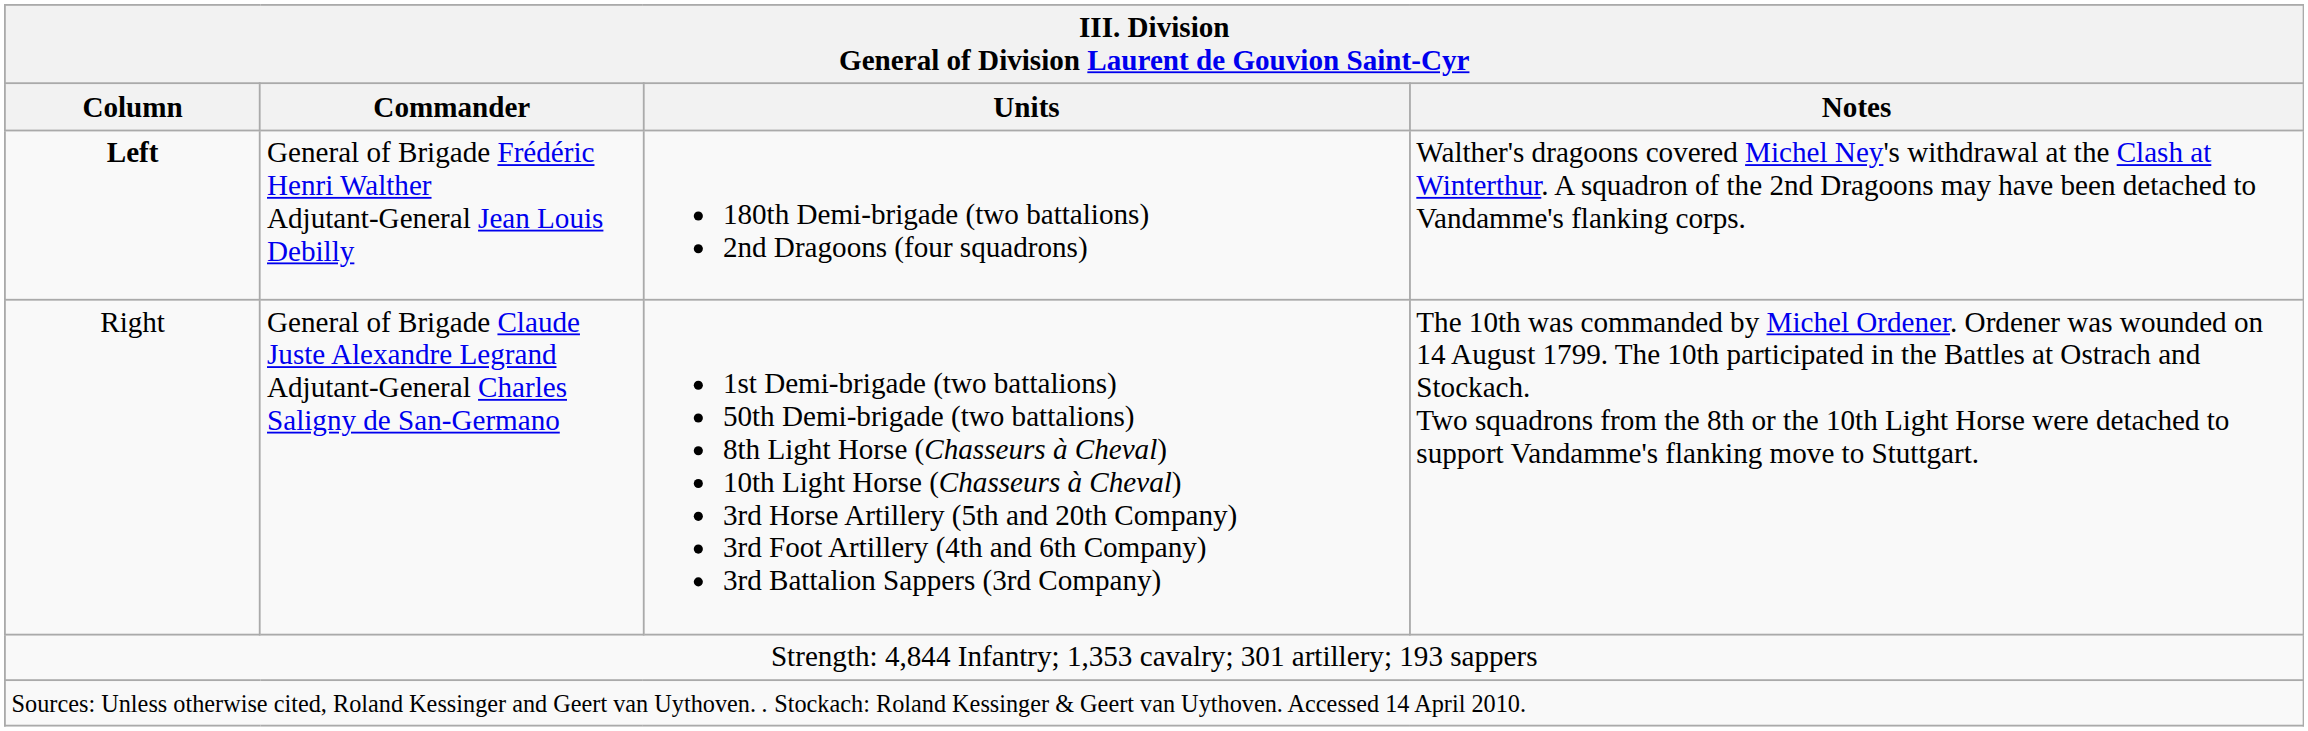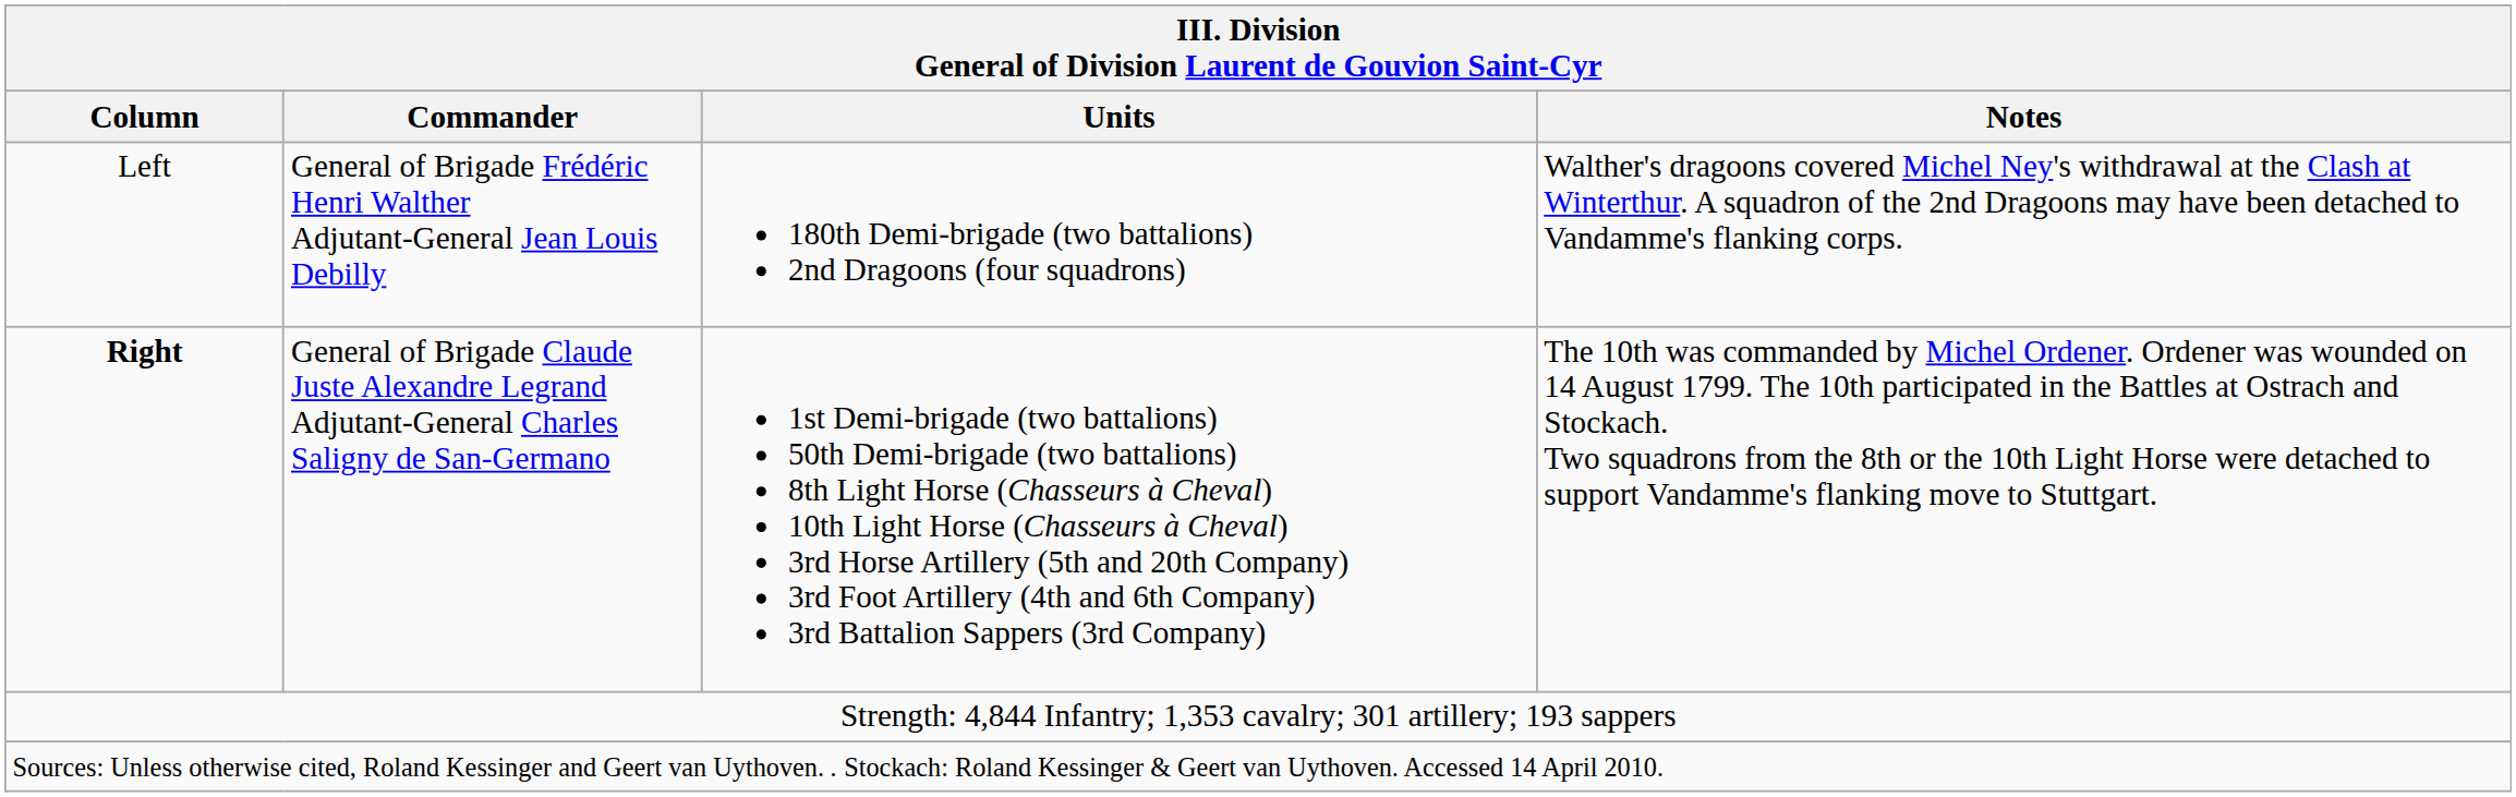 <table class="wikitable" width=100%>
 <tr valign="top">
 <th colspan="11" bgcolor="white">III. Division<br>General of Division <a href='#'>Laurent de Gouvion Saint-Cyr</a></th>
 </tr>
 <tr valign="top"|- valign="top">
 <th width=10%; align= center>Column</th>
 <th width=15%; align= center>Commander</th>
 <th width=30%; align= center>Units</th>
 <th width=35%; align= center>Notes</th>
 </tr>
 <tr valign="top">
-<td align= center><strong>Left</strong></td>
+<td align= center>Left</td>
 <td align= left>General of Brigade <a href='#'>Frédéric Henri Walther</a><br> Adjutant-General <a href='#'>Jean Louis Debilly</a></td>
 <td align= left><br><ul><li>180th Demi-brigade (two battalions)</li><li>2nd Dragoons (four squadrons)</li></ul></td>
 <td align= left>Walther's dragoons covered <a href='#'>Michel Ney</a>'s withdrawal at the <a href='#'>Clash at Winterthur</a>.  A squadron of the 2nd Dragoons may have been detached to Vandamme's flanking corps.</td>
 </tr>
 <tr valign="top">
-<td align= center>Right</td>
+<td align= center><strong>Right</strong></td>
 <td align= left>General of Brigade <a href='#'>Claude Juste Alexandre Legrand</a><br>Adjutant-General <a href='#'>Charles Saligny de San-Germano</a></td>
 <td align= left><br><ul><li>1st Demi-brigade (two battalions)</li><li>50th Demi-brigade (two battalions)</li><li>8th Light Horse (<em>Chasseurs à Cheval</em>)</li><li>10th Light Horse (<em>Chasseurs à Cheval</em>)</li><li>3rd Horse Artillery (5th and 20th Company)</li><li>3rd Foot Artillery (4th and 6th Company)</li><li>3rd Battalion Sappers (3rd Company)</li></ul></td>
 <td align= left>The 10th was commanded by <a href='#'>Michel Ordener</a>. Ordener was wounded on 14 August 1799. The 10th participated in the Battles at Ostrach and Stockach.<br>Two squadrons from the 8th or the 10th Light Horse were detached to support Vandamme's flanking move to Stuttgart.</td>
 </tr>
 <tr valign="top">
 <td colspan="9" align="center">Strength: 4,844 Infantry; 1,353 cavalry; 301 artillery; 193 sappers</td>
 </tr>
 <tr valign="top">
 <td colspan="9" align="left"><small>Sources: Unless otherwise cited, Roland Kessinger and Geert van Uythoven. <em>.</em> Stockach: Roland Kessinger & Geert van Uythoven. Accessed 14 April 2010. </small></td>
 </tr>
 </table>
